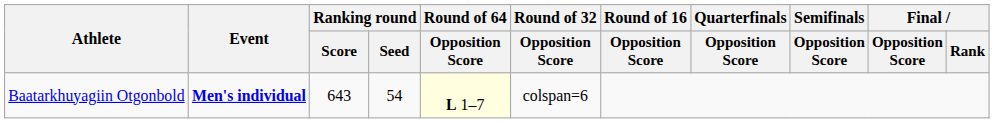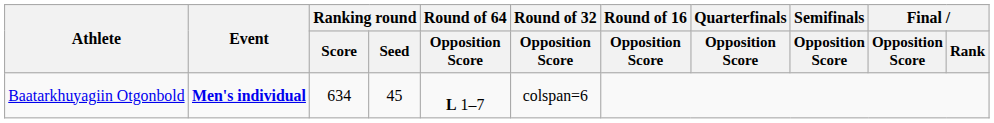 <table class="wikitable" style="font-size:90%; text-align:center">
 <tr>
 <th rowspan=2>Athlete</th>
 <th rowspan=2>Event</th>
 <th colspan="2">Ranking round</th>
 <th>Round of 64</th>
 <th>Round of 32</th>
 <th>Round of 16</th>
 <th>Quarterfinals</th>
 <th>Semifinals</th>
 <th colspan="2">Final / </th>
 </tr>
 <tr style="font-size:95%">
 <th>Score</th>
 <th>Seed</th>
 <th>Opposition<br>Score</th>
 <th>Opposition<br>Score</th>
 <th>Opposition<br>Score</th>
 <th>Opposition<br>Score</th>
 <th>Opposition<br>Score</th>
 <th>Opposition<br>Score</th>
 <th>Rank</th>
 </tr>
 <tr align=center>
 <td align=left><a href='#'>Baatarkhuyagiin Otgonbold</a></td>
 <td align=left><strong><a href='#'>Men's individual</a></strong></td>
-<td>643</td>
-<td>54</td>
-<td style="background: lightyellow;"><br><strong>L</strong> 1–7</td>
+<td>634</td>
+<td>45</td>
+<td><br><strong>L</strong> 1–7</td>
 <td>colspan=6</td>
 </tr>
 </table>
